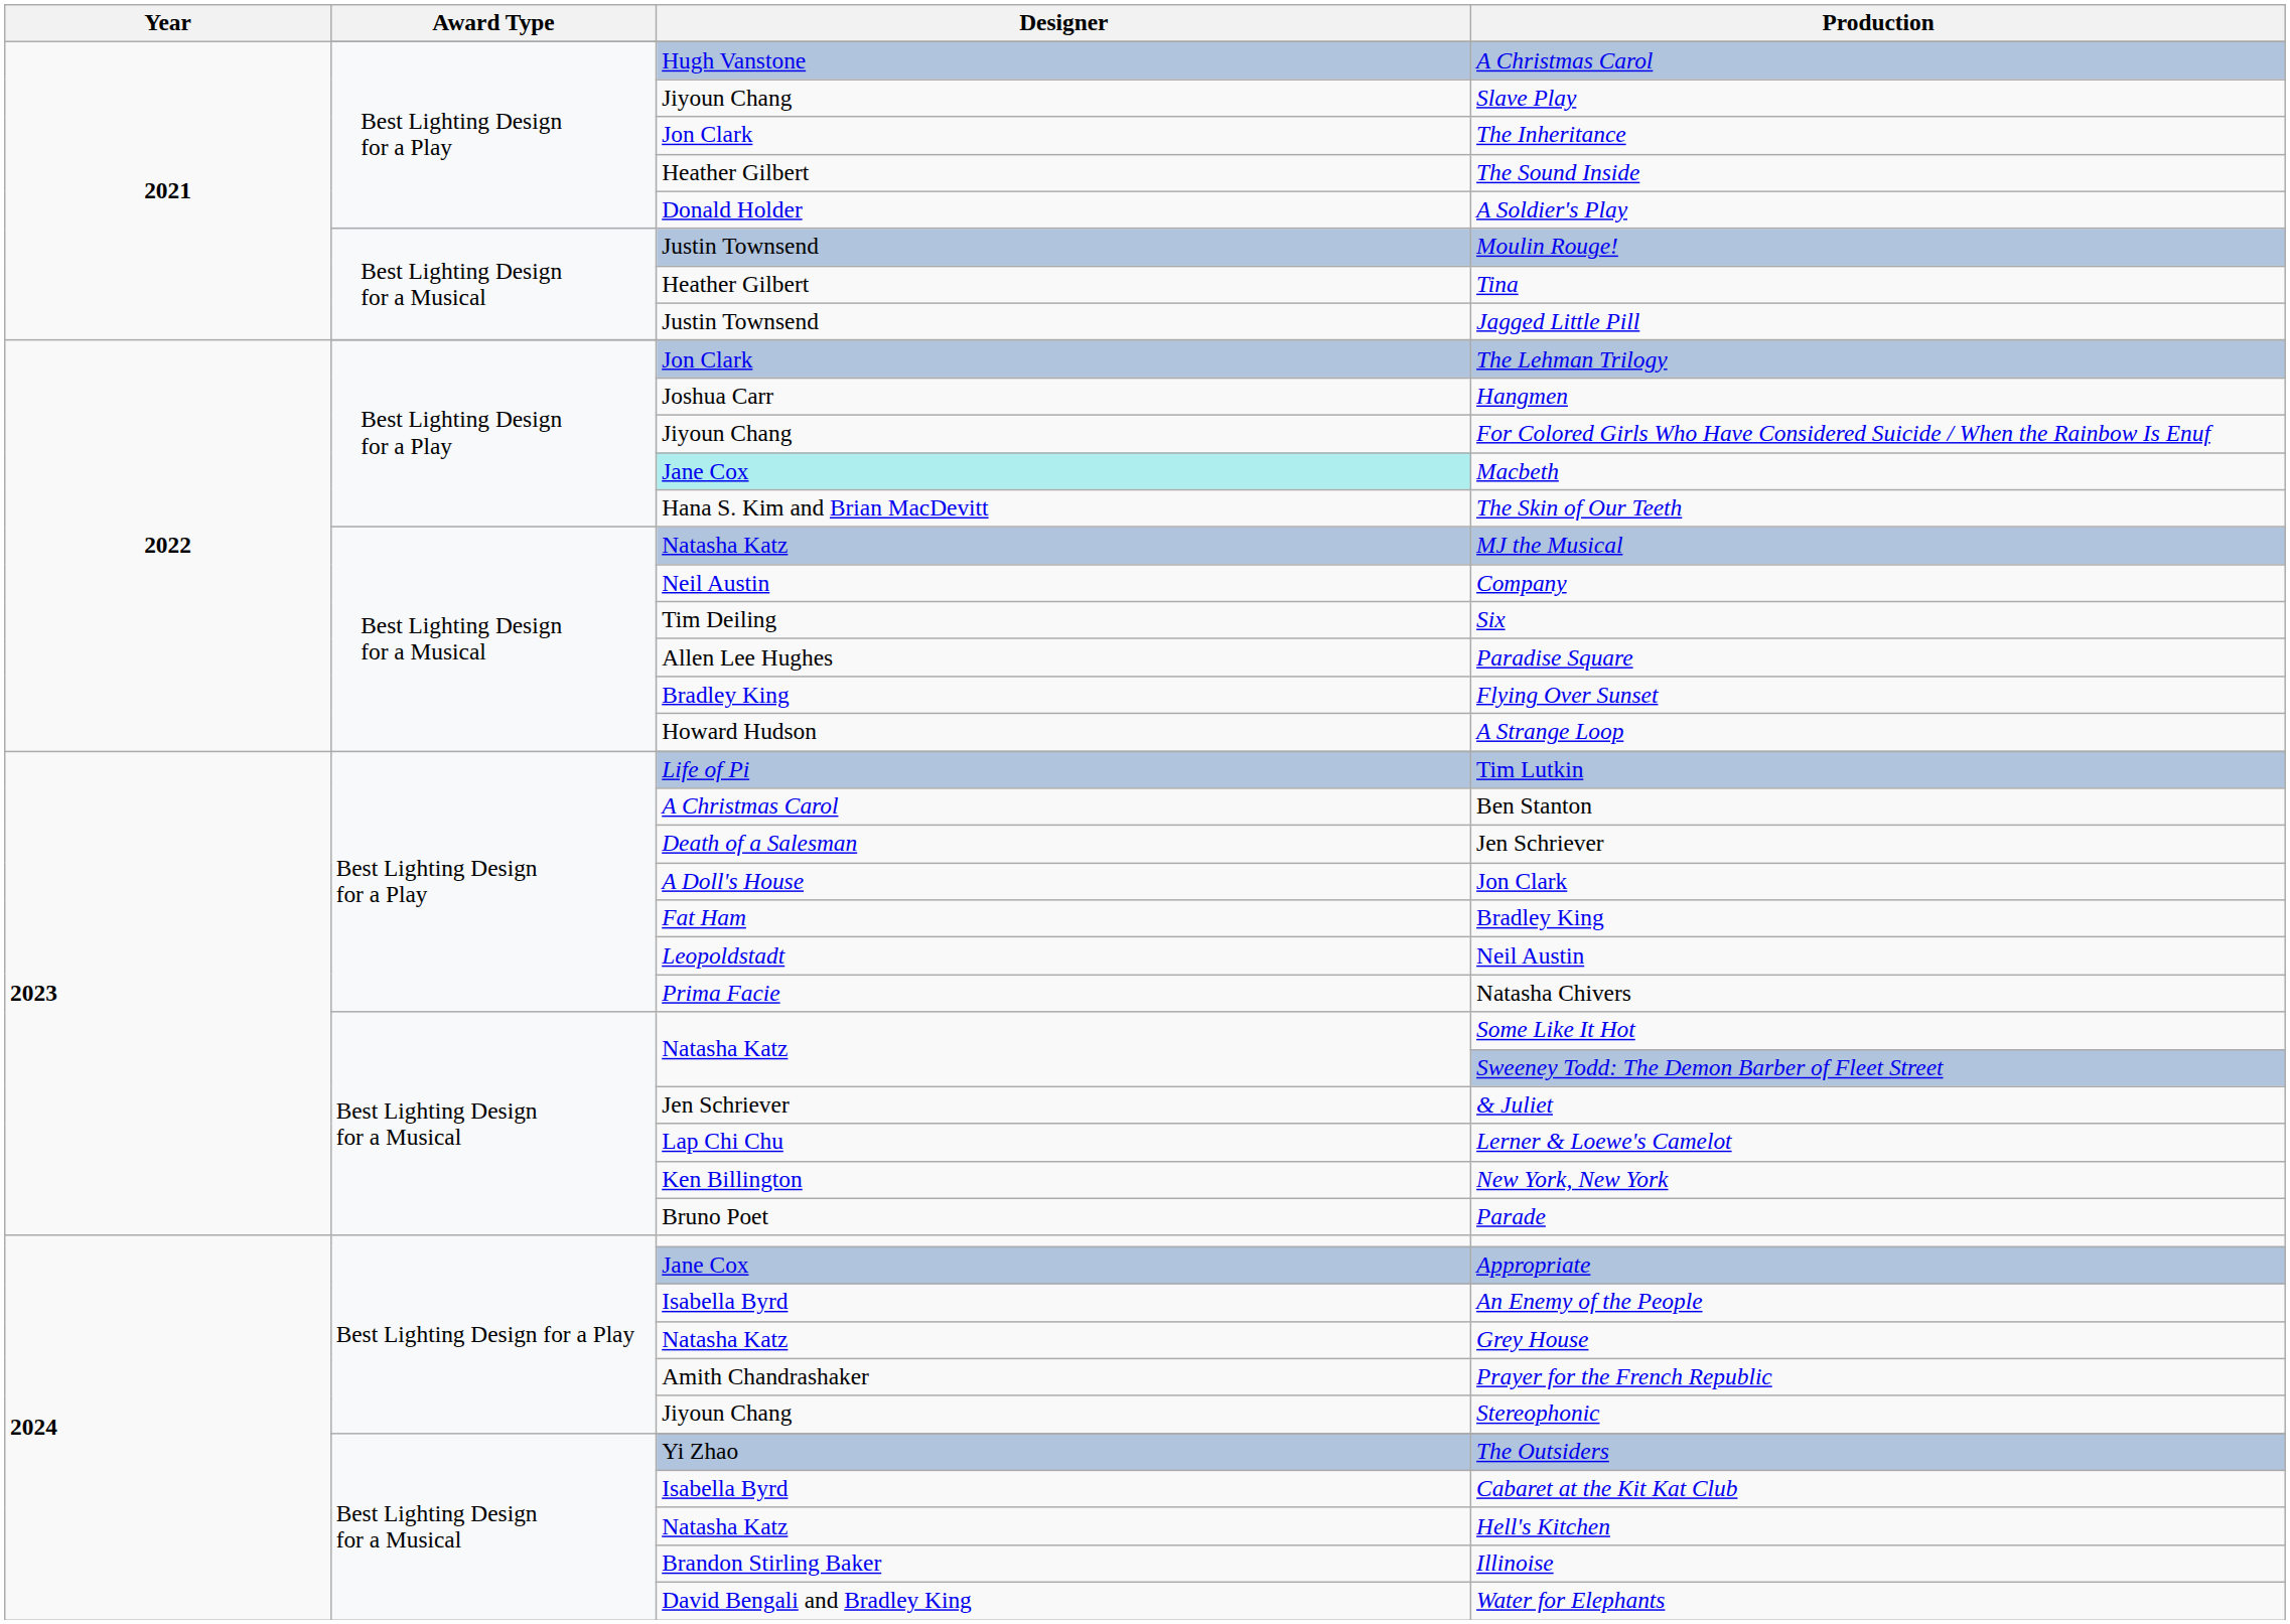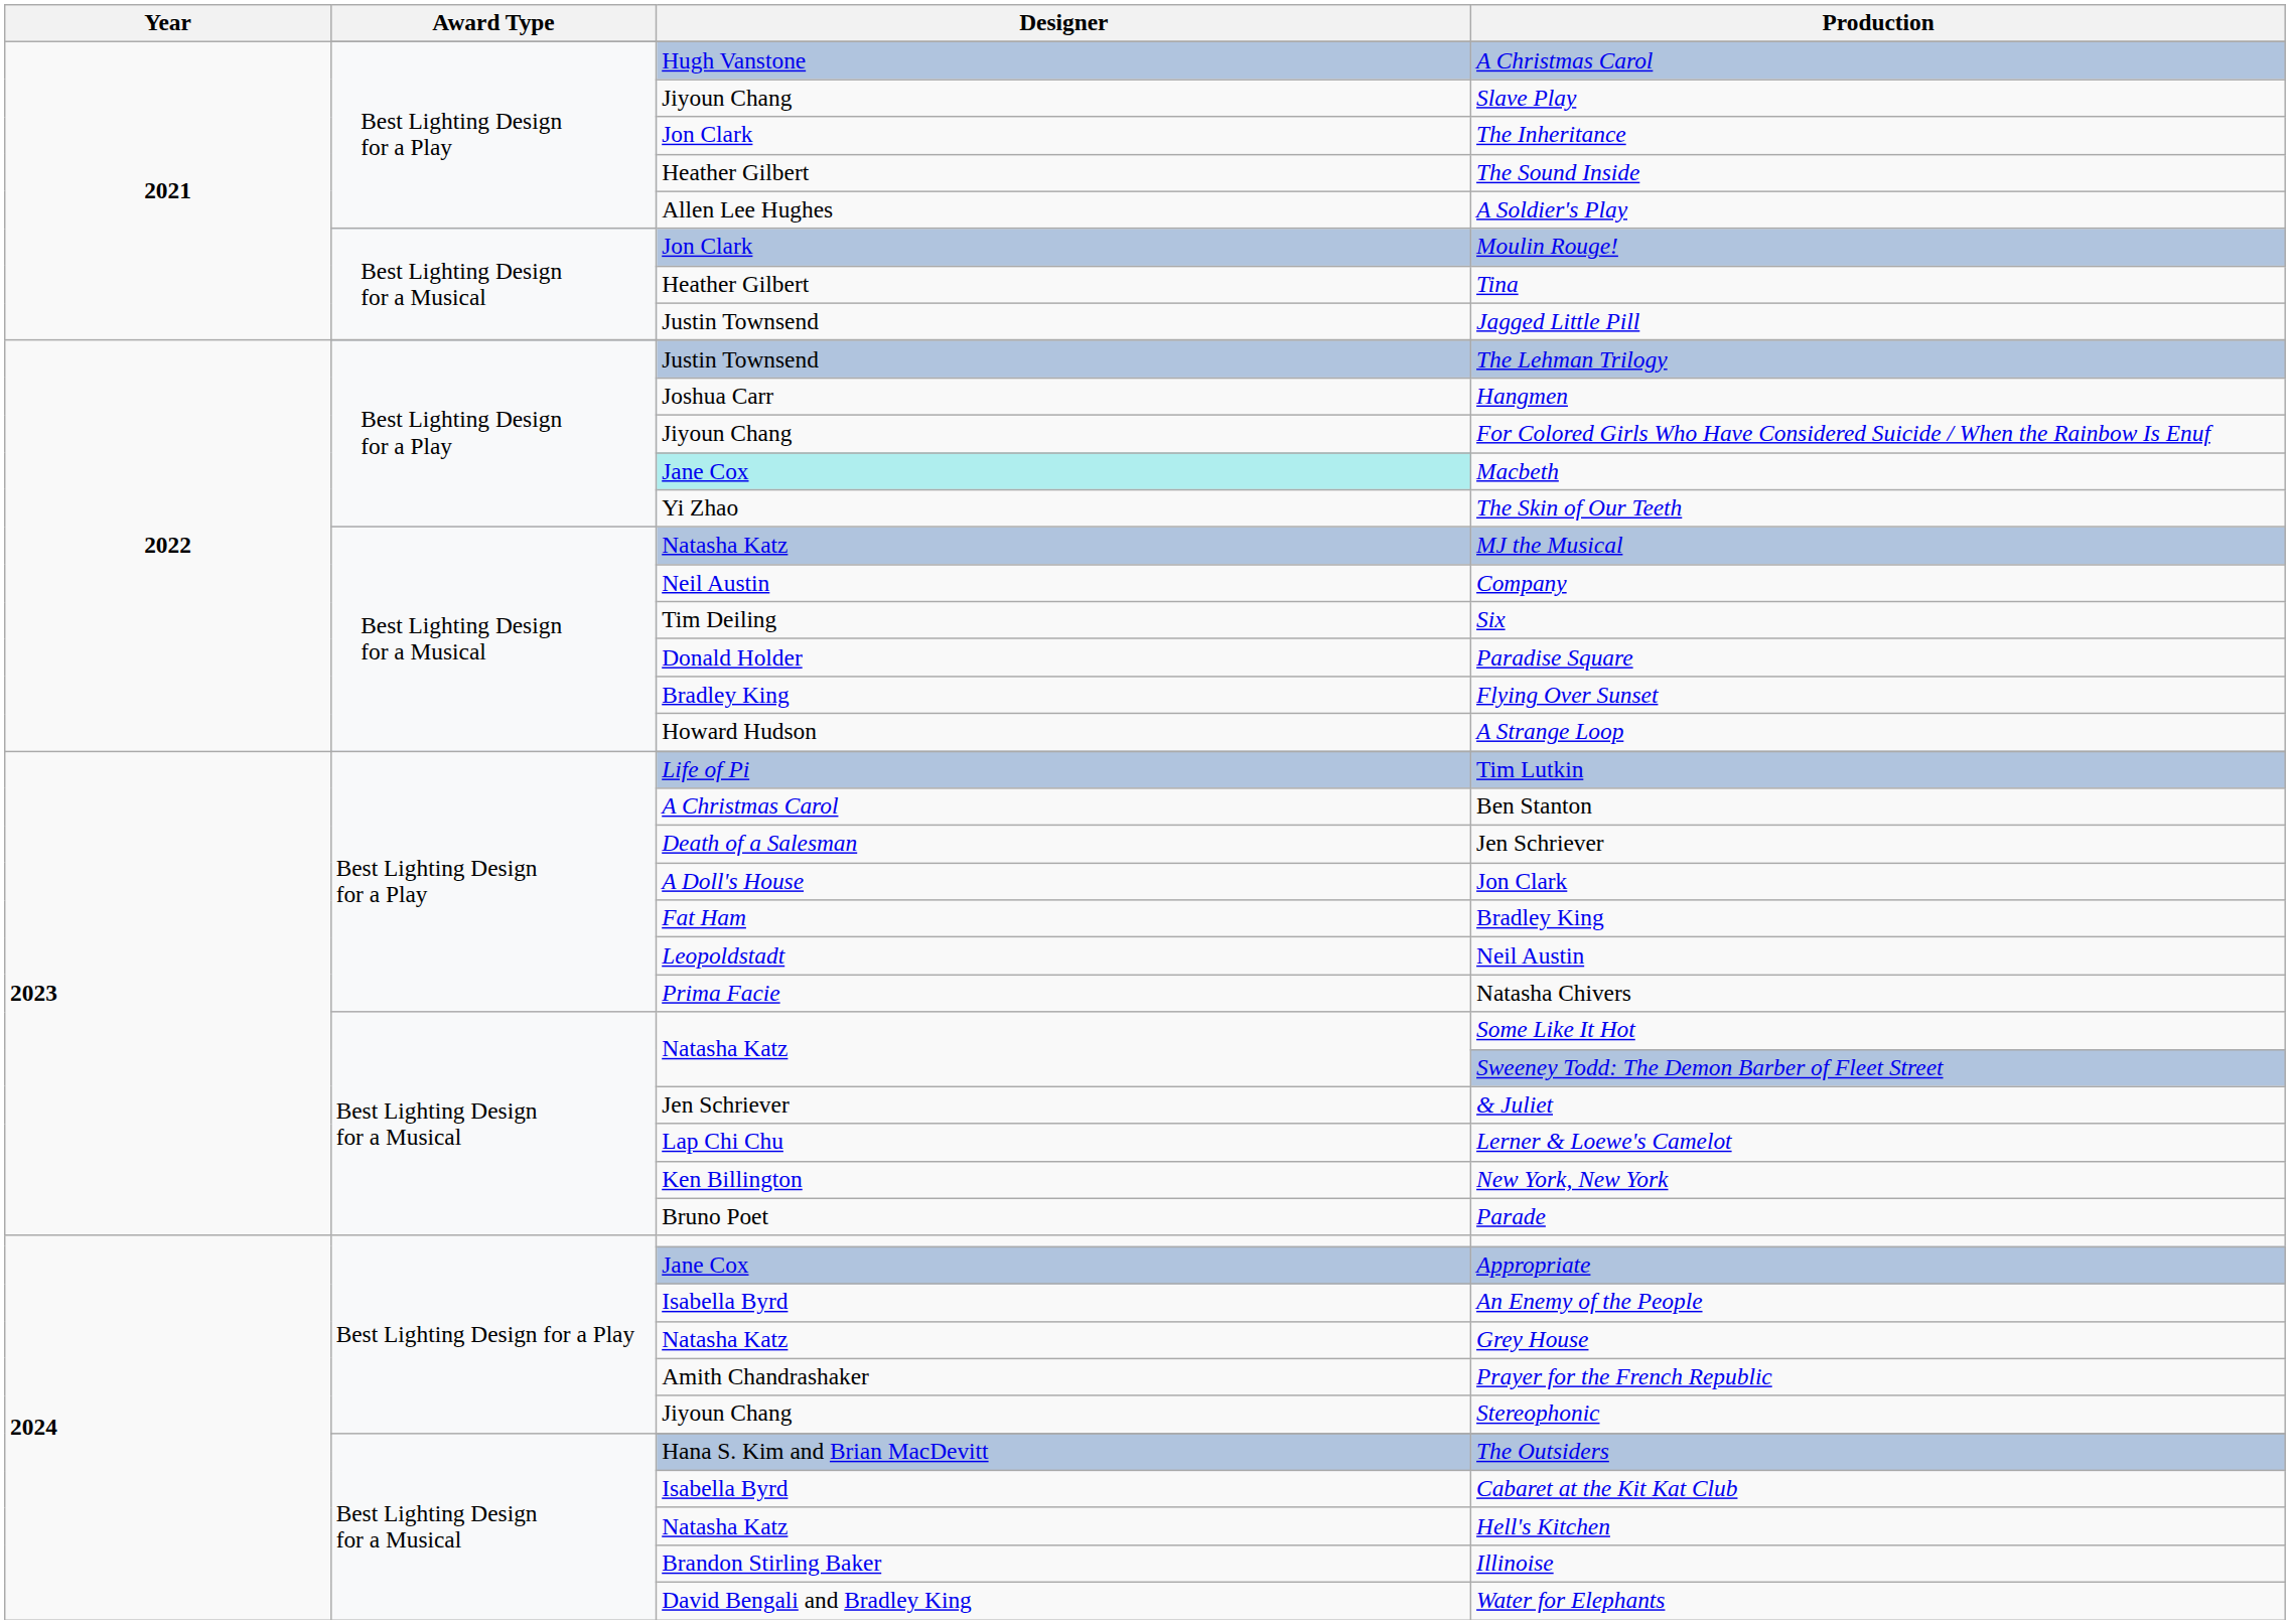 <table class="wikitable" style="width:98%;">
 <tr>
 <th style="width:10%;">Year</th>
 <th style="width:10%;">Award Type</th>
 <th style="width:25%;">Designer</th>
 <th style="width:25%;">Production</th>
 </tr>
 <tr>
 <td rowspan="9" align="center"><strong>2021</strong><br></td>
 </tr>
 <tr style="background:#B0C4DE">
 <td rowspan="5" style="background:#f8f9fa; padding-left:20px;">Best Lighting Design <br>for a Play</td>
 <td><a href='#'>Hugh Vanstone</a></td>
 <td><em><a href='#'>A Christmas Carol</a></em></td>
 </tr>
 <tr>
 <td>Jiyoun Chang</td>
 <td><em><a href='#'>Slave Play</a></em></td>
 </tr>
 <tr>
 <td><a href='#'>Jon Clark</a></td>
 <td><em><a href='#'>The Inheritance</a></em></td>
 </tr>
 <tr>
 <td>Heather Gilbert</td>
 <td><em><a href='#'>The Sound Inside</a></em></td>
 </tr>
 <tr>
-<td><a href='#'>Donald Holder</a></td>
+<td>Allen Lee Hughes</td>
 <td><em><a href='#'>A Soldier's Play</a></em></td>
 </tr>
 <tr style="background:#B0C4DE">
 <td rowspan="3" style="background:#f8f9fa; padding-left:20px;">Best Lighting Design <br>for a Musical</td>
-<td>Justin Townsend</td>
+<td><a href='#'>Jon Clark</a></td>
 <td><em><a href='#'>Moulin Rouge!</a></em></td>
 </tr>
 <tr>
 <td>Heather Gilbert</td>
 <td><em><a href='#'>Tina</a></em></td>
 </tr>
 <tr>
 <td>Justin Townsend</td>
 <td><em><a href='#'>Jagged Little Pill</a></em></td>
 </tr>
 <tr>
 <td rowspan="12" align="center"><strong>2022</strong><br></td>
 </tr>
 <tr style="background:#B0C4DE">
 <td rowspan="5" style="background:#f8f9fa; padding-left:20px;">Best Lighting Design <br>for a Play</td>
-<td><a href='#'>Jon Clark</a></td>
+<td>Justin Townsend</td>
 <td><em><a href='#'>The Lehman Trilogy</a></em></td>
 </tr>
 <tr>
 <td>Joshua Carr</td>
 <td><em><a href='#'>Hangmen</a></em></td>
 </tr>
 <tr>
 <td>Jiyoun Chang</td>
 <td><em><a href='#'>For Colored Girls Who Have Considered Suicide / When the Rainbow Is Enuf</a></em></td>
 </tr>
 <tr>
 <td style="background: paleturquoise;"><a href='#'>Jane Cox</a></td>
 <td><em><a href='#'>Macbeth</a></em></td>
 </tr>
 <tr>
-<td>Hana S. Kim and <a href='#'>Brian MacDevitt</a></td>
+<td>Yi Zhao</td>
 <td><em><a href='#'>The Skin of Our Teeth</a></em></td>
 </tr>
 <tr style="background:#B0C4DE">
 <td rowspan="6" style="background:#f8f9fa; padding-left:20px;">Best Lighting Design <br>for a Musical</td>
 <td><a href='#'>Natasha Katz</a></td>
 <td><em><a href='#'>MJ the Musical</a></em></td>
 </tr>
 <tr>
 <td><a href='#'>Neil Austin</a></td>
 <td><em><a href='#'>Company</a></em></td>
 </tr>
 <tr>
 <td>Tim Deiling</td>
 <td><em><a href='#'>Six</a></em></td>
 </tr>
 <tr>
-<td>Allen Lee Hughes</td>
+<td><a href='#'>Donald Holder</a></td>
 <td><em><a href='#'>Paradise Square</a></em></td>
 </tr>
 <tr>
 <td><a href='#'>Bradley King</a></td>
 <td><em><a href='#'>Flying Over Sunset</a></em></td>
 </tr>
 <tr>
 <td>Howard Hudson</td>
 <td><em><a href='#'>A Strange Loop</a></em></td>
 </tr>
 <tr>
 <td rowspan="14"><strong>2023</strong><br></td>
 <td rowspan="8" style="background:#f8f9fa;">Best Lighting Design <br>for a Play</td>
 </tr>
 <tr style="background:#B0C4DE">
 <td><em><a href='#'>Life of Pi</a></em></td>
 <td><a href='#'>Tim Lutkin</a></td>
 </tr>
 <tr>
 <td><em><a href='#'>A Christmas Carol</a></em></td>
 <td>Ben Stanton</td>
 </tr>
 <tr>
 <td><em><a href='#'>Death of a Salesman</a></em></td>
 <td>Jen Schriever</td>
 </tr>
 <tr>
 <td><em><a href='#'>A Doll's House</a></em></td>
 <td><a href='#'>Jon Clark</a></td>
 </tr>
 <tr>
 <td><em><a href='#'>Fat Ham</a></em></td>
 <td><a href='#'>Bradley King</a></td>
 </tr>
 <tr>
 <td><em><a href='#'>Leopoldstadt</a></em></td>
 <td><a href='#'>Neil Austin</a></td>
 </tr>
 <tr>
 <td><em><a href='#'>Prima Facie</a></em></td>
 <td>Natasha Chivers</td>
 </tr>
 <tr>
 <td rowspan="6" style="background:#f8f9fa;">Best Lighting Design <br>for a Musical</td>
 <td rowspan="2"><a href='#'>Natasha Katz</a></td>
 <td><em><a href='#'>Some Like It Hot</a></em></td>
 </tr>
 <tr style="background:#B0C4DE">
 <td><em><a href='#'>Sweeney Todd: The Demon Barber of Fleet Street</a></em></td>
 </tr>
 <tr>
 <td>Jen Schriever</td>
 <td><em><a href='#'>& Juliet</a></em></td>
 </tr>
 <tr>
 <td><a href='#'>Lap Chi Chu</a></td>
 <td><em><a href='#'>Lerner & Loewe's Camelot</a></em></td>
 </tr>
 <tr>
 <td><a href='#'>Ken Billington</a></td>
 <td><em><a href='#'>New York, New York</a></em></td>
 </tr>
 <tr>
 <td>Bruno Poet</td>
 <td><em><a href='#'>Parade</a></em></td>
 </tr>
 <tr>
 <td rowspan="12"><strong>2024</strong><br></td>
 <td rowspan="6" style="background:#f8f9fa;">Best Lighting Design for a Play</td>
 <td></td>
 </tr>
 <tr style="background:#B0C4DE">
 <td><a href='#'>Jane Cox</a></td>
 <td><em><a href='#'>Appropriate</a></em></td>
 </tr>
 <tr>
 <td><a href='#'>Isabella Byrd</a></td>
 <td><em><a href='#'>An Enemy of the People</a></em></td>
 </tr>
 <tr>
 <td><a href='#'>Natasha Katz</a></td>
 <td><em><a href='#'>Grey House</a></em></td>
 </tr>
 <tr>
 <td>Amith Chandrashaker</td>
 <td><em><a href='#'>Prayer for the French Republic</a></em></td>
 </tr>
 <tr>
 <td>Jiyoun Chang</td>
 <td><em><a href='#'>Stereophonic</a></em></td>
 </tr>
 <tr>
 <td rowspan="8" style="background:#f8f9fa;">Best Lighting Design <br>for a Musical</td>
 </tr>
 <tr style="background:#B0C4DE">
-<td>Yi Zhao</td>
+<td>Hana S. Kim and <a href='#'>Brian MacDevitt</a></td>
 <td><em><a href='#'>The Outsiders</a></em></td>
 </tr>
 <tr>
 <td><a href='#'>Isabella Byrd</a></td>
 <td><em><a href='#'>Cabaret at the Kit Kat Club</a></em></td>
 </tr>
 <tr>
 <td><a href='#'>Natasha Katz</a></td>
 <td><em><a href='#'>Hell's Kitchen</a></em></td>
 </tr>
 <tr>
 <td><a href='#'>Brandon Stirling Baker</a></td>
 <td><em><a href='#'>Illinoise</a></em></td>
 </tr>
 <tr>
 <td><a href='#'>David Bengali</a> and <a href='#'>Bradley King</a></td>
 <td><em><a href='#'>Water for Elephants</a></em></td>
 </tr>
 </table>
